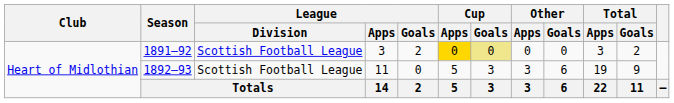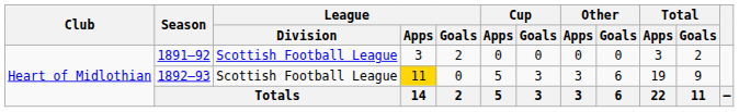 <table class="wikitable" style="text-align:center">
 <tr>
 <th rowspan="2">Club</th>
 <th rowspan="2">Season</th>
 <th colspan="3">League</th>
 <th colspan="2">Cup</th>
 <th colspan="2">Other</th>
 <th colspan="2">Total</th>
 <th rowspan="2"></th>
 </tr>
 <tr>
 <th>Division</th>
 <th>Apps</th>
 <th>Goals</th>
 <th>Apps</th>
 <th>Goals</th>
 <th>Apps</th>
 <th>Goals</th>
 <th>Apps</th>
 <th>Goals</th>
 </tr>
 <tr>
 <td rowspan="3"><a href='#'>Heart of Midlothian</a></td>
 <td><a href='#'>1891–92</a></td>
 <td><a href='#'>Scottish Football League</a></td>
 <td>3</td>
 <td>2</td>
-<td style="background: gold;">0</td>
-<td style="background: khaki;">0</td>
+<td>0</td>
+<td>0</td>
 <td>0</td>
 <td>0</td>
 <td>3</td>
 <td>2</td>
 <td rowspan="2"></td>
 </tr>
 <tr>
 <td><a href='#'>1892–93</a></td>
 <td>Scottish Football League</td>
-<td>11</td>
+<td style="background: gold;">11</td>
 <td>0</td>
 <td>5</td>
 <td>3</td>
 <td>3</td>
 <td>6</td>
 <td>19</td>
 <td>9</td>
 </tr>
 <tr>
 <th colspan="2">Totals</th>
 <th>14</th>
 <th>2</th>
 <th>5</th>
 <th>3</th>
 <th>3</th>
 <th>6</th>
 <th>22</th>
 <th>11</th>
 <th>—</th>
 </tr>
 </table>
